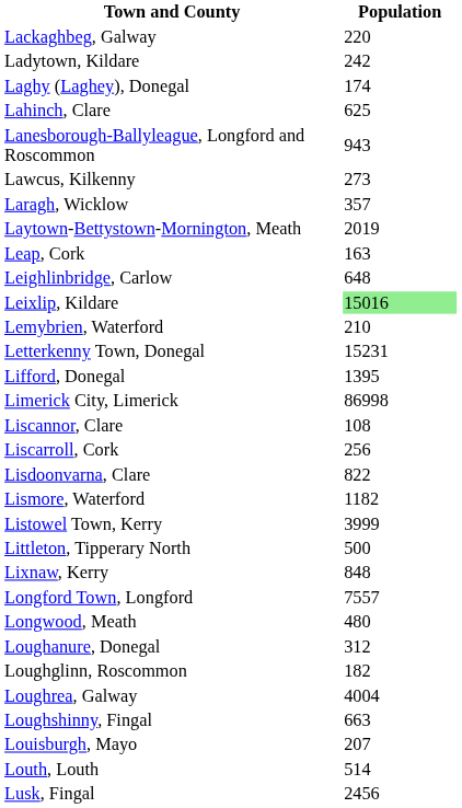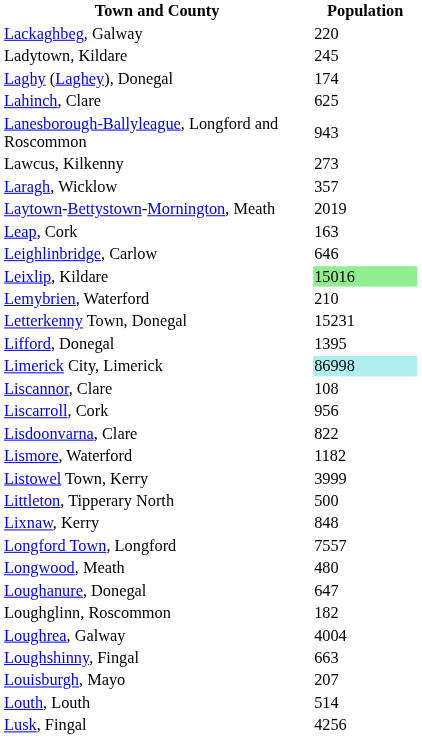 <table>
 <tr>
 <th style="width:300px;align:left;">Town and County</th>
 <th style="width:100px;align:right;">Population</th>
 </tr>
 <tr>
 <td><a href='#'>Lackaghbeg</a>, Galway</td>
 <td>220</td>
 </tr>
 <tr>
 <td>Ladytown, Kildare</td>
-<td>242</td>
+<td>245</td>
 </tr>
 <tr>
 <td><a href='#'>Laghy</a> (<a href='#'>Laghey</a>), Donegal</td>
 <td>174</td>
 </tr>
 <tr>
 <td><a href='#'>Lahinch</a>, Clare</td>
 <td>625</td>
 </tr>
 <tr>
 <td><a href='#'>Lanesborough-Ballyleague</a>, Longford and Roscommon</td>
 <td>943</td>
 </tr>
 <tr>
 <td>Lawcus, Kilkenny</td>
 <td>273</td>
 </tr>
 <tr>
 <td><a href='#'>Laragh</a>, Wicklow</td>
 <td>357</td>
 </tr>
 <tr>
 <td><a href='#'>Laytown</a>-<a href='#'>Bettystown</a>-<a href='#'>Mornington</a>, Meath</td>
 <td>2019</td>
 </tr>
 <tr>
 <td><a href='#'>Leap</a>, Cork</td>
 <td>163</td>
 </tr>
 <tr>
 <td><a href='#'>Leighlinbridge</a>, Carlow</td>
-<td>648</td>
+<td>646</td>
 </tr>
 <tr>
 <td><a href='#'>Leixlip</a>, Kildare</td>
 <td style="background: lightgreen;">15016</td>
 </tr>
 <tr>
 <td><a href='#'>Lemybrien</a>, Waterford</td>
 <td>210</td>
 </tr>
 <tr>
 <td><a href='#'>Letterkenny</a> Town, Donegal</td>
 <td>15231</td>
 </tr>
 <tr>
 <td><a href='#'>Lifford</a>, Donegal</td>
 <td>1395</td>
 </tr>
 <tr>
 <td><a href='#'>Limerick</a> City, Limerick</td>
-<td>86998</td>
+<td style="background: paleturquoise;">86998</td>
 </tr>
 <tr>
 <td><a href='#'>Liscannor</a>, Clare</td>
 <td>108</td>
 </tr>
 <tr>
 <td><a href='#'>Liscarroll</a>, Cork</td>
-<td>256</td>
+<td>956</td>
 </tr>
 <tr>
 <td><a href='#'>Lisdoonvarna</a>, Clare</td>
 <td>822</td>
 </tr>
 <tr>
 <td><a href='#'>Lismore</a>, Waterford</td>
 <td>1182</td>
 </tr>
 <tr>
 <td><a href='#'>Listowel</a> Town, Kerry</td>
 <td>3999</td>
 </tr>
 <tr>
 <td><a href='#'>Littleton</a>, Tipperary North</td>
 <td>500</td>
 </tr>
 <tr>
 <td><a href='#'>Lixnaw</a>, Kerry</td>
 <td>848</td>
 </tr>
 <tr>
 <td><a href='#'>Longford Town</a>, Longford</td>
 <td>7557</td>
 </tr>
 <tr>
 <td><a href='#'>Longwood</a>, Meath</td>
 <td>480</td>
 </tr>
 <tr>
 <td><a href='#'>Loughanure</a>, Donegal</td>
-<td>312</td>
+<td>647</td>
 </tr>
 <tr>
 <td>Loughglinn, Roscommon</td>
 <td>182</td>
 </tr>
 <tr>
 <td><a href='#'>Loughrea</a>, Galway</td>
 <td>4004</td>
 </tr>
 <tr>
 <td><a href='#'>Loughshinny</a>, Fingal</td>
 <td>663</td>
 </tr>
 <tr>
 <td><a href='#'>Louisburgh</a>, Mayo</td>
 <td>207</td>
 </tr>
 <tr>
 <td><a href='#'>Louth</a>, Louth</td>
 <td>514</td>
 </tr>
 <tr>
 <td><a href='#'>Lusk</a>, Fingal</td>
-<td>2456</td>
+<td>4256</td>
 </tr>
 </table>
